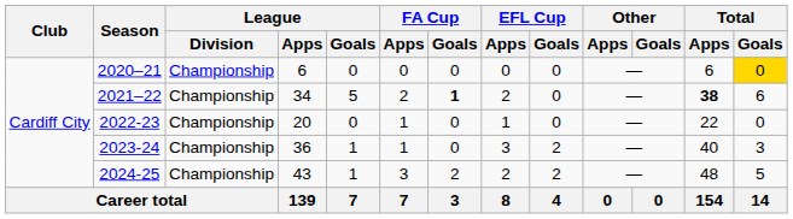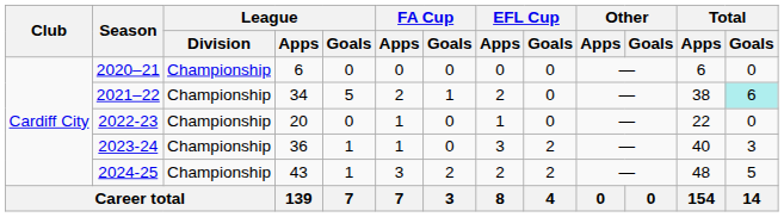 <table class="wikitable" style="text-align:center">
 <tr>
 <th rowspan="2">Club</th>
 <th rowspan="2">Season</th>
 <th colspan="3">League</th>
 <th colspan="2"><a href='#'>FA Cup</a></th>
 <th colspan="2"><a href='#'>EFL Cup</a></th>
 <th colspan="2">Other</th>
 <th colspan="2">Total</th>
 </tr>
 <tr>
 <th>Division</th>
 <th>Apps</th>
 <th>Goals</th>
 <th>Apps</th>
 <th>Goals</th>
 <th>Apps</th>
 <th>Goals</th>
 <th>Apps</th>
 <th>Goals</th>
 <th>Apps</th>
 <th>Goals</th>
 </tr>
 <tr>
 <td rowspan="5"><a href='#'>Cardiff City</a></td>
 <td><a href='#'>2020–21</a></td>
 <td><a href='#'>Championship</a></td>
 <td>6</td>
 <td>0</td>
 <td>0</td>
 <td>0</td>
 <td>0</td>
 <td>0</td>
 <td colspan="2">—</td>
 <td>6</td>
-<td style="background: gold;">0</td>
+<td>0</td>
 </tr>
 <tr>
 <td><a href='#'>2021–22</a></td>
 <td>Championship</td>
 <td>34</td>
 <td>5</td>
 <td>2</td>
-<td><strong>1</strong></td>
+<td>1</td>
 <td>2</td>
 <td>0</td>
 <td colspan="2">—</td>
-<td><strong>38</strong></td>
-<td>6</td>
+<td>38</td>
+<td style="background: paleturquoise;">6</td>
 </tr>
 <tr>
 <td><a href='#'>2022-23</a></td>
 <td>Championship</td>
 <td>20</td>
 <td>0</td>
 <td>1</td>
 <td>0</td>
 <td>1</td>
 <td>0</td>
 <td colspan="2">—</td>
 <td>22</td>
 <td>0</td>
 </tr>
 <tr>
 <td><a href='#'>2023-24</a></td>
 <td>Championship</td>
 <td>36</td>
 <td>1</td>
 <td>1</td>
 <td>0</td>
 <td>3</td>
 <td>2</td>
 <td colspan="2">—</td>
 <td>40</td>
 <td>3</td>
 </tr>
 <tr>
 <td><a href='#'>2024-25</a></td>
 <td>Championship</td>
 <td>43</td>
 <td>1</td>
 <td>3</td>
 <td>2</td>
 <td>2</td>
 <td>2</td>
 <td colspan="2">—</td>
 <td>48</td>
 <td>5</td>
 </tr>
 <tr>
 <th colspan="3">Career total</th>
 <th>139</th>
 <th>7</th>
 <th>7</th>
 <th>3</th>
 <th>8</th>
 <th>4</th>
 <th>0</th>
 <th>0</th>
 <th>154</th>
 <th>14</th>
 </tr>
 </table>
